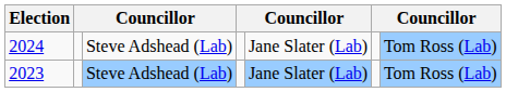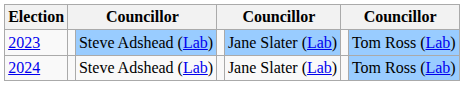 <table class="wikitable">
 <tr>
 <th>Election</th>
 <th colspan="2">Councillor</th>
 <th colspan="2">Councillor</th>
 <th colspan="2">Councillor</th>
+</tr>
+<tr>
+<td><a href='#'>2023</a></td>
+<td style="background-color: "></td>
+<td bgcolor="#99CCFF">Steve Adshead  (<a href='#'>Lab</a>)</td>
+<td style="background-color: "></td>
+<td bgcolor="#99CCFF">Jane Slater (<a href='#'>Lab</a>)</td>
+<td style="background-color: "></td>
+<td bgcolor="#99CCFF">Tom Ross (<a href='#'>Lab</a>)</td>
 </tr>
 <tr>
 <td><a href='#'>2024</a></td>
 <td style="background-color: "></td>
 <td bgcolor=>Steve Adshead  (<a href='#'>Lab</a>)</td>
 <td style="background-color: "></td>
 <td bgcolor=>Jane Slater (<a href='#'>Lab</a>)</td>
 <td style="background-color: "></td>
 <td bgcolor="#99CCFF">Tom Ross (<a href='#'>Lab</a>)</td>
 </tr>
-<tr>
-<td><a href='#'>2023</a></td>
-<td style="background-color: "></td>
-<td bgcolor="#99CCFF">Steve Adshead  (<a href='#'>Lab</a>)</td>
-<td style="background-color: "></td>
-<td bgcolor="#99CCFF">Jane Slater (<a href='#'>Lab</a>)</td>
-<td style="background-color: "></td>
-<td bgcolor="#99CCFF">Tom Ross (<a href='#'>Lab</a>)</td>
-</tr>
 </table>
